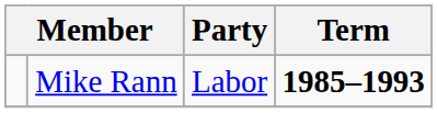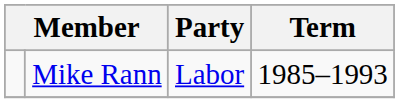 <table class="wikitable">
 <tr>
 <th colspan="2">Member</th>
 <th>Party</th>
 <th>Term</th>
 </tr>
 <tr>
 <td> </td>
 <td><a href='#'>Mike Rann</a></td>
 <td><a href='#'>Labor</a></td>
-<td><strong>1985–1993</strong></td>
+<td>1985–1993</td>
 </tr>
 <tr>
 </tr>
 </table>
